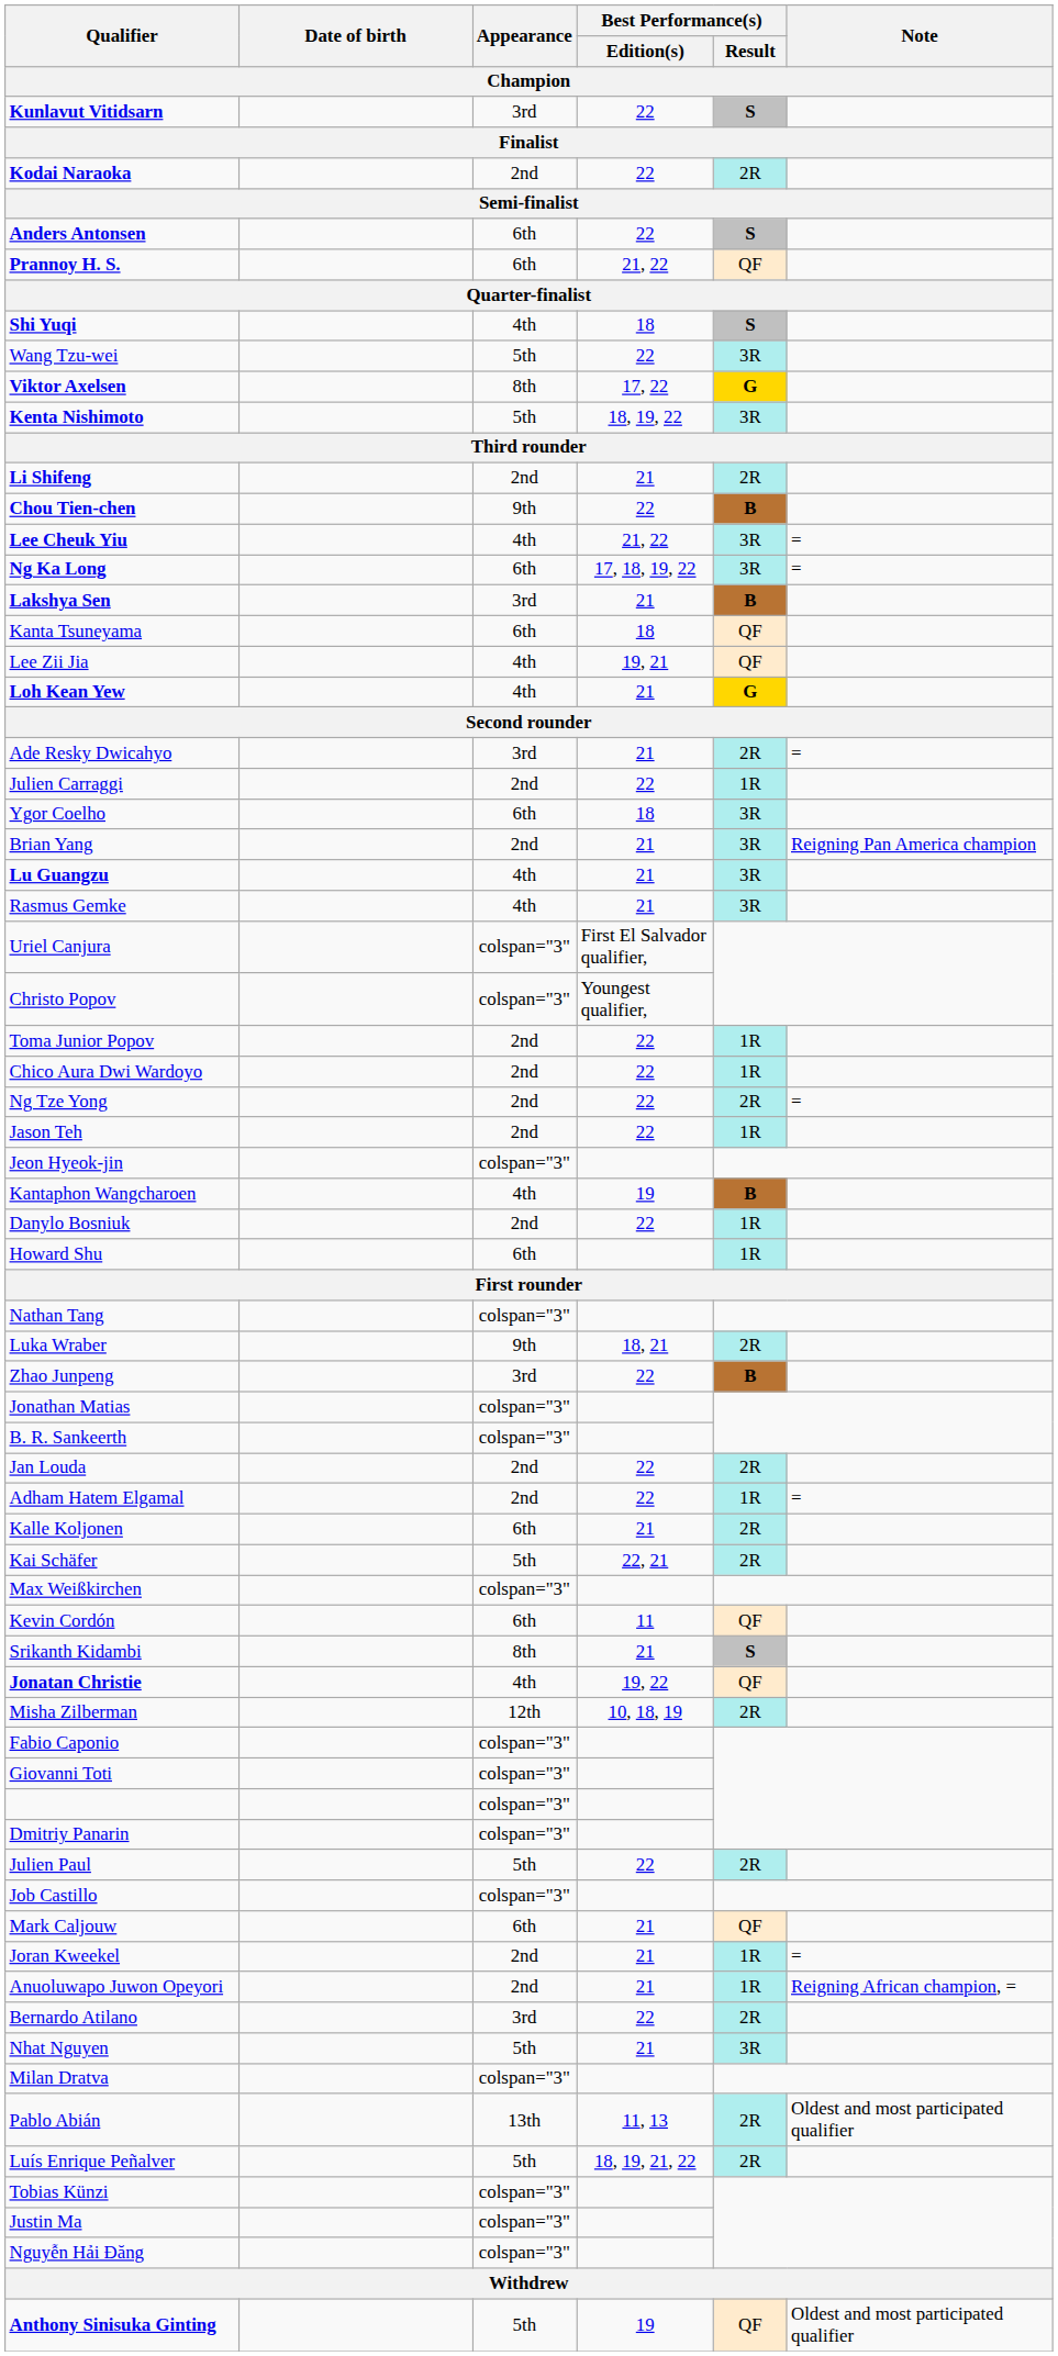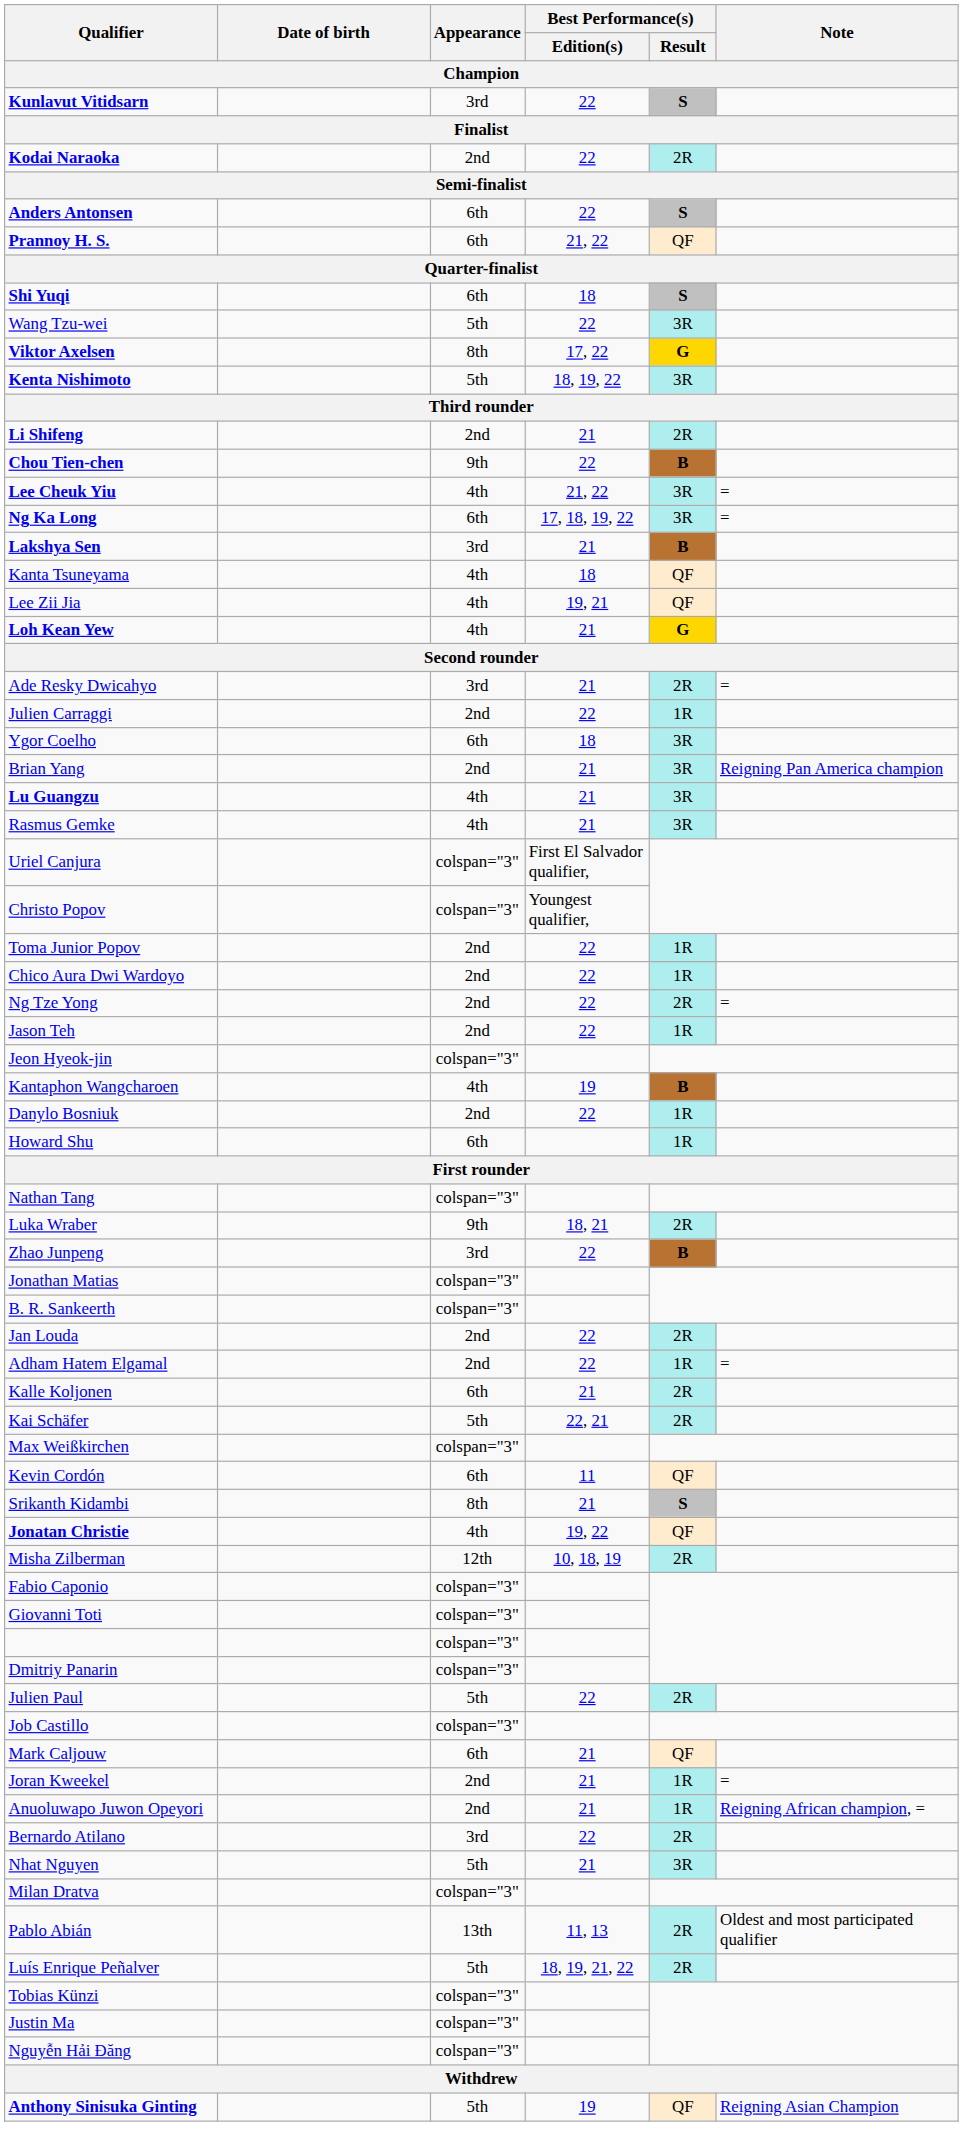 <table class="sortable wikitable" style="font-size:90%; text-align:center">
 <tr>
 <th rowspan="2" width="175">Qualifier</th>
 <th rowspan="2" width="175">Date of birth</th>
 <th rowspan="2" width="50">Appearance</th>
 <th colspan="2">Best Performance(s)</th>
 <th rowspan="2" width="200">Note</th>
 </tr>
 <tr>
 <th width="100">Edition(s)</th>
 <th width="50">Result</th>
 </tr>
 <tr>
 <th colspan="6">Champion</th>
 </tr>
 <tr>
 <td align="left"> <strong><a href='#'>Kunlavut Vitidsarn</a></strong></td>
 <td align="right"></td>
 <td>3rd</td>
 <td><a href='#'>22</a></td>
 <td bgcolor="#C0C0C0"><strong>S</strong></td>
 <td align="left"></td>
 </tr>
 <tr>
 <th colspan="6">Finalist</th>
 </tr>
 <tr>
 <td align="left"><strong> <a href='#'>Kodai Naraoka</a></strong></td>
 <td align="right"></td>
 <td>2nd</td>
 <td><a href='#'>22</a></td>
 <td bgcolor="#AFEEEE">2R</td>
 <td align="left"></td>
 </tr>
 <tr>
 <th colspan="6">Semi-finalist</th>
 </tr>
 <tr>
 <td align="left"><strong> <a href='#'>Anders Antonsen</a></strong></td>
 <td align="right"></td>
 <td>6th</td>
 <td><a href='#'>22</a></td>
 <td bgcolor="#C0C0C0"><strong>S</strong></td>
 <td align="left"></td>
 </tr>
 <tr>
 <td align="left"><strong> <a href='#'>Prannoy H. S.</a></strong></td>
 <td align="right"></td>
 <td>6th</td>
 <td><a href='#'>21</a>, <a href='#'>22</a></td>
 <td bgcolor="#FFEBCD">QF</td>
 <td align="left"></td>
 </tr>
 <tr>
 <th colspan="6">Quarter-finalist</th>
 </tr>
 <tr>
 <td align="left"><strong> <a href='#'>Shi Yuqi</a></strong></td>
 <td align="right"></td>
-<td>4th</td>
+<td>6th</td>
 <td><a href='#'>18</a></td>
 <td bgcolor="#C0C0C0"><strong>S</strong></td>
 <td align="left"></td>
 </tr>
 <tr>
 <td align="left"> <a href='#'>Wang Tzu-wei</a></td>
 <td align="right"></td>
 <td>5th</td>
 <td><a href='#'>22</a></td>
 <td bgcolor="#AFEEEE">3R</td>
 <td align="left"></td>
 </tr>
 <tr>
 <td align="left"><strong> <a href='#'>Viktor Axelsen</a></strong></td>
 <td align="right"></td>
 <td>8th</td>
 <td><a href='#'>17</a>, <a href='#'>22</a></td>
 <td bgcolor="#FFD700"><strong>G</strong></td>
 <td align="left"></td>
 </tr>
 <tr>
 <td align="left"><strong> <a href='#'>Kenta Nishimoto</a></strong></td>
 <td align="right"></td>
 <td>5th</td>
 <td><a href='#'>18</a>, <a href='#'>19</a>, <a href='#'>22</a></td>
 <td bgcolor="#AFEEEE">3R</td>
 <td align="left"></td>
 </tr>
 <tr>
 <th colspan="6">Third rounder</th>
 </tr>
 <tr>
 <td align="left"><strong> <a href='#'>Li Shifeng</a></strong></td>
 <td align="right"></td>
 <td>2nd</td>
 <td><a href='#'>21</a></td>
 <td bgcolor="#AFEEEE">2R</td>
 <td align="left"></td>
 </tr>
 <tr>
 <td align="left"><strong> <a href='#'>Chou Tien-chen</a></strong></td>
 <td align="right"></td>
 <td>9th</td>
 <td><a href='#'>22</a></td>
 <td bgcolor="#B87333"><strong>B</strong></td>
 <td align="left"></td>
 </tr>
 <tr>
 <td align="left"><strong> <a href='#'>Lee Cheuk Yiu</a></strong></td>
 <td align="right"></td>
 <td>4th</td>
 <td><a href='#'>21</a>, <a href='#'>22</a></td>
 <td bgcolor="#AFEEEE">3R</td>
 <td align="left">=</td>
 </tr>
 <tr>
 <td align="left"><strong> <a href='#'>Ng Ka Long</a></strong></td>
 <td align="right"></td>
 <td>6th</td>
 <td><a href='#'>17</a>, <a href='#'>18</a>, <a href='#'>19</a>, <a href='#'>22</a></td>
 <td bgcolor="#AFEEEE">3R</td>
 <td align="left">=</td>
 </tr>
 <tr>
 <td align="left"><strong> <a href='#'>Lakshya Sen</a></strong></td>
 <td align="right"></td>
 <td>3rd</td>
 <td><a href='#'>21</a></td>
 <td bgcolor="#B87333"><strong>B</strong></td>
 <td align="left"></td>
 </tr>
 <tr>
 <td align="left"> <a href='#'>Kanta Tsuneyama</a></td>
 <td align="right"></td>
-<td>6th</td>
+<td>4th</td>
 <td><a href='#'>18</a></td>
 <td bgcolor="#FFEBCD">QF</td>
 <td align="left"></td>
 </tr>
 <tr>
 <td align="left"> <a href='#'>Lee Zii Jia</a></td>
 <td align="right"></td>
 <td>4th</td>
 <td><a href='#'>19</a>, <a href='#'>21</a></td>
 <td bgcolor="#FFEBCD">QF</td>
 <td align="left"></td>
 </tr>
 <tr>
 <td align="left"><strong> <a href='#'>Loh Kean Yew</a></strong></td>
 <td align="right"></td>
 <td>4th</td>
 <td><a href='#'>21</a></td>
 <td bgcolor="#FFD700"><strong>G</strong></td>
 <td align="left"></td>
 </tr>
 <tr>
 <th colspan="6">Second rounder</th>
 </tr>
 <tr>
 <td align="left"> <a href='#'>Ade Resky Dwicahyo</a></td>
 <td align="right"></td>
 <td>3rd</td>
 <td><a href='#'>21</a></td>
 <td bgcolor="#AFEEEE">2R</td>
 <td align="left">=</td>
 </tr>
 <tr>
 <td align="left"> <a href='#'>Julien Carraggi</a></td>
 <td align="right"></td>
 <td>2nd</td>
 <td><a href='#'>22</a></td>
 <td bgcolor="#AFEEEE">1R</td>
 <td align="left"></td>
 </tr>
 <tr>
 <td align="left"> <a href='#'>Ygor Coelho</a></td>
 <td align="right"></td>
 <td>6th</td>
 <td><a href='#'>18</a></td>
 <td bgcolor="#AFEEEE">3R</td>
 <td align="left"></td>
 </tr>
 <tr>
 <td align="left"> <a href='#'>Brian Yang</a></td>
 <td align="right"></td>
 <td>2nd</td>
 <td><a href='#'>21</a></td>
 <td bgcolor="#AFEEEE">3R</td>
 <td align="left"><a href='#'>Reigning Pan America champion</a></td>
 </tr>
 <tr>
 <td align="left"><strong> <a href='#'>Lu Guangzu</a></strong></td>
 <td align="right"></td>
 <td>4th</td>
 <td><a href='#'>21</a></td>
 <td bgcolor="#AFEEEE">3R</td>
 <td align="left"></td>
 </tr>
 <tr>
 <td align="left"> <a href='#'>Rasmus Gemke</a></td>
 <td align="right"></td>
 <td>4th</td>
 <td><a href='#'>21</a></td>
 <td bgcolor="#AFEEEE">3R</td>
 <td align="left"></td>
 </tr>
 <tr>
 <td align="left"> <a href='#'>Uriel Canjura</a></td>
 <td align="right"></td>
 <td>colspan="3" </td>
 <td align="left">First El Salvador qualifier, </td>
 </tr>
 <tr>
 <td align="left"> <a href='#'>Christo Popov</a></td>
 <td align="right"></td>
 <td>colspan="3" </td>
 <td align="left">Youngest qualifier, </td>
 </tr>
 <tr>
 <td align="left"> <a href='#'>Toma Junior Popov</a></td>
 <td align="right"></td>
 <td>2nd</td>
 <td><a href='#'>22</a></td>
 <td bgcolor="#AFEEEE">1R</td>
 <td align="left"></td>
 </tr>
 <tr>
 <td align="left"> <a href='#'>Chico Aura Dwi Wardoyo</a></td>
 <td align="right"></td>
 <td>2nd</td>
 <td><a href='#'>22</a></td>
 <td bgcolor="#AFEEEE">1R</td>
 <td align="left"></td>
 </tr>
 <tr>
 <td align="left"> <a href='#'>Ng Tze Yong</a></td>
 <td align="right"></td>
 <td>2nd</td>
 <td><a href='#'>22</a></td>
 <td bgcolor="#AFEEEE">2R</td>
 <td align="left">=</td>
 </tr>
 <tr>
 <td align="left"> <a href='#'>Jason Teh</a></td>
 <td align="right"></td>
 <td>2nd</td>
 <td><a href='#'>22</a></td>
 <td bgcolor="#AFEEEE">1R</td>
 <td align="left"></td>
 </tr>
 <tr>
 <td align="left"> <a href='#'>Jeon Hyeok-jin</a></td>
 <td align="right"></td>
 <td>colspan="3" </td>
 <td align="left"></td>
 </tr>
 <tr>
 <td align="left"> <a href='#'>Kantaphon Wangcharoen</a></td>
 <td align="right"></td>
 <td>4th</td>
 <td><a href='#'>19</a></td>
 <td bgcolor="#B87333"><strong>B</strong></td>
 <td align="left"></td>
 </tr>
 <tr>
 <td align="left"> <a href='#'>Danylo Bosniuk</a></td>
 <td align="right"></td>
 <td>2nd</td>
 <td><a href='#'>22</a></td>
 <td bgcolor="#AFEEEE">1R</td>
 <td align="left"></td>
 </tr>
 <tr>
 <td align="left"> <a href='#'>Howard Shu</a></td>
 <td align="right"></td>
 <td>6th</td>
 <td></td>
 <td bgcolor="#AFEEEE">1R</td>
 <td align="left"></td>
 </tr>
 <tr>
 <th colspan="6">First rounder</th>
 </tr>
 <tr>
 <td align="left"> <a href='#'>Nathan Tang</a></td>
 <td align="right"></td>
 <td>colspan="3" </td>
 <td align="left"></td>
 </tr>
 <tr>
 <td align="left"> <a href='#'>Luka Wraber</a></td>
 <td align="right"></td>
 <td>9th</td>
 <td><a href='#'>18</a>, <a href='#'>21</a></td>
 <td bgcolor="#AFEEEE">2R</td>
 <td align="left"></td>
 </tr>
 <tr>
 <td align="left"> <a href='#'>Zhao Junpeng</a></td>
 <td align="right"></td>
 <td>3rd</td>
 <td><a href='#'>22</a></td>
 <td bgcolor="#B87333"><strong>B</strong></td>
 <td align="left"></td>
 </tr>
 <tr>
 <td align="left"> <a href='#'>Jonathan Matias</a></td>
 <td align="right"></td>
 <td>colspan="3" </td>
 <td align="left"></td>
 </tr>
 <tr>
 <td align="left"> <a href='#'>B. R. Sankeerth</a></td>
 <td align="right"></td>
 <td>colspan="3" </td>
 <td align="left"></td>
 </tr>
 <tr>
 <td align="left"> <a href='#'>Jan Louda</a></td>
 <td align="right"></td>
 <td>2nd</td>
 <td><a href='#'>22</a></td>
 <td bgcolor="#AFEEEE">2R</td>
 <td align="left"></td>
 </tr>
 <tr>
 <td align="left"> <a href='#'>Adham Hatem Elgamal</a></td>
 <td align="right"></td>
 <td>2nd</td>
 <td><a href='#'>22</a></td>
 <td bgcolor="#AFEEEE">1R</td>
 <td align="left">=</td>
 </tr>
 <tr>
 <td align="left"> <a href='#'>Kalle Koljonen</a></td>
 <td align="right"></td>
 <td>6th</td>
 <td><a href='#'>21</a></td>
 <td bgcolor="#AFEEEE">2R</td>
 <td align="left"></td>
 </tr>
 <tr>
 <td align="left"> <a href='#'>Kai Schäfer</a></td>
 <td align="right"></td>
 <td>5th</td>
 <td><a href='#'>22</a>, <a href='#'>21</a></td>
 <td bgcolor="#AFEEEE">2R</td>
 <td align="left"></td>
 </tr>
 <tr>
 <td align="left"> <a href='#'>Max Weißkirchen</a></td>
 <td align="right"></td>
 <td>colspan="3" </td>
 <td align="left"></td>
 </tr>
 <tr>
 <td align="left"> <a href='#'>Kevin Cordón</a></td>
 <td align="right"></td>
 <td>6th</td>
 <td><a href='#'>11</a></td>
 <td bgcolor="#FFEBCD">QF</td>
 <td align="left"></td>
 </tr>
 <tr>
 <td align="left"> <a href='#'>Srikanth Kidambi</a></td>
 <td align="right"></td>
 <td>8th</td>
 <td><a href='#'>21</a></td>
 <td bgcolor="#C0C0C0"><strong>S</strong></td>
 <td align="left"></td>
 </tr>
 <tr>
 <td align="left"><strong> <a href='#'>Jonatan Christie</a></strong></td>
 <td align="right"></td>
 <td>4th</td>
 <td><a href='#'>19</a>, <a href='#'>22</a></td>
 <td bgcolor="#FFEBCD">QF</td>
 <td align="left"></td>
 </tr>
 <tr>
 <td align="left"> <a href='#'>Misha Zilberman</a></td>
 <td align="right"></td>
 <td>12th</td>
 <td><a href='#'>10</a>, <a href='#'>18</a>, <a href='#'>19</a></td>
 <td bgcolor="#AFEEEE">2R</td>
 <td align="left"></td>
 </tr>
 <tr>
 <td align="left"> <a href='#'>Fabio Caponio</a></td>
 <td align="right"></td>
 <td>colspan="3" </td>
 <td align="left"></td>
 </tr>
 <tr>
 <td align="left"> <a href='#'>Giovanni Toti</a></td>
 <td align="right"></td>
 <td>colspan="3" </td>
 <td align="left"></td>
 </tr>
 <tr>
 <td align="left"></td>
 <td align="right"></td>
 <td>colspan="3" </td>
 <td align="left"></td>
 </tr>
 <tr>
 <td align="left"> <a href='#'>Dmitriy Panarin</a></td>
 <td align="right"></td>
 <td>colspan="3" </td>
 <td align="left"></td>
 </tr>
 <tr>
 <td align="left"> <a href='#'>Julien Paul</a></td>
 <td align="right"></td>
 <td>5th</td>
 <td><a href='#'>22</a></td>
 <td bgcolor="#AFEEEE">2R</td>
 <td align="left"></td>
 </tr>
 <tr>
 <td align="left"> <a href='#'>Job Castillo</a></td>
 <td align="right"></td>
 <td>colspan="3" </td>
 <td align="left"></td>
 </tr>
 <tr>
 <td align="left"> <a href='#'>Mark Caljouw</a></td>
 <td align="right"></td>
 <td>6th</td>
 <td><a href='#'>21</a></td>
 <td bgcolor="#FFEBCD">QF</td>
 <td align="left"></td>
 </tr>
 <tr>
 <td align="left"> <a href='#'>Joran Kweekel</a></td>
 <td align="right"></td>
 <td>2nd</td>
 <td><a href='#'>21</a></td>
 <td bgcolor="#AFEEEE">1R</td>
 <td align="left">=</td>
 </tr>
 <tr>
 <td align="left"> <a href='#'>Anuoluwapo Juwon Opeyori</a></td>
 <td align="right"></td>
 <td>2nd</td>
 <td><a href='#'>21</a></td>
 <td bgcolor="#AFEEEE">1R</td>
 <td align="left"><a href='#'>Reigning African champion</a>, =</td>
 </tr>
 <tr>
 <td align="left"> <a href='#'>Bernardo Atilano</a></td>
 <td align="right"></td>
 <td>3rd</td>
 <td><a href='#'>22</a></td>
 <td bgcolor="#AFEEEE">2R</td>
 <td align="left"></td>
 </tr>
 <tr>
 <td align="left"> <a href='#'>Nhat Nguyen</a></td>
 <td align="right"></td>
 <td>5th</td>
 <td><a href='#'>21</a></td>
 <td bgcolor="#AFEEEE">3R</td>
 <td align="left"></td>
 </tr>
 <tr>
 <td align="left"> <a href='#'>Milan Dratva</a></td>
 <td align="right"></td>
 <td>colspan="3" </td>
 <td align="left"></td>
 </tr>
 <tr>
 <td align="left"> <a href='#'>Pablo Abián</a></td>
 <td align="right"></td>
 <td>13th</td>
 <td><a href='#'>11</a>, <a href='#'>13</a></td>
 <td bgcolor="#AFEEEE">2R</td>
 <td align="left">Oldest and most participated qualifier</td>
 </tr>
 <tr>
 <td align="left"> <a href='#'>Luís Enrique Peñalver</a></td>
 <td align="right"></td>
 <td>5th</td>
 <td><a href='#'>18</a>, <a href='#'>19</a>, <a href='#'>21</a>, <a href='#'>22</a></td>
 <td bgcolor="#AFEEEE">2R</td>
 <td align="left"></td>
 </tr>
 <tr>
 <td align="left"> <a href='#'>Tobias Künzi</a></td>
 <td align="right"></td>
 <td>colspan="3" </td>
 <td align="left"></td>
 </tr>
 <tr>
 <td align="left"> <a href='#'>Justin Ma</a></td>
 <td align="right"></td>
 <td>colspan="3" </td>
 <td align="left"></td>
 </tr>
 <tr>
 <td align="left"> <a href='#'>Nguyễn Hải Đăng</a></td>
 <td align="right"></td>
 <td>colspan="3" </td>
 <td align="left"></td>
 </tr>
 <tr>
 <th colspan="6">Withdrew</th>
 </tr>
 <tr>
 <td align="left"><strong> <a href='#'>Anthony Sinisuka Ginting</a></strong></td>
 <td align="right"></td>
 <td>5th</td>
 <td><a href='#'>19</a></td>
 <td bgcolor="#FFEBCD">QF</td>
-<td align="left">Oldest and most participated qualifier</td>
+<td align="left"><a href='#'>Reigning Asian Champion</a></td>
 </tr>
 </table>
